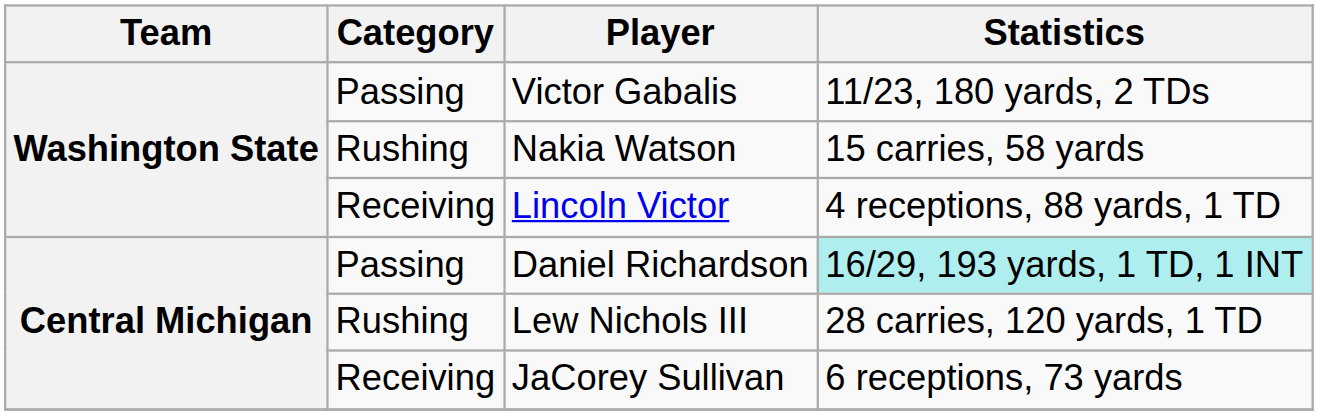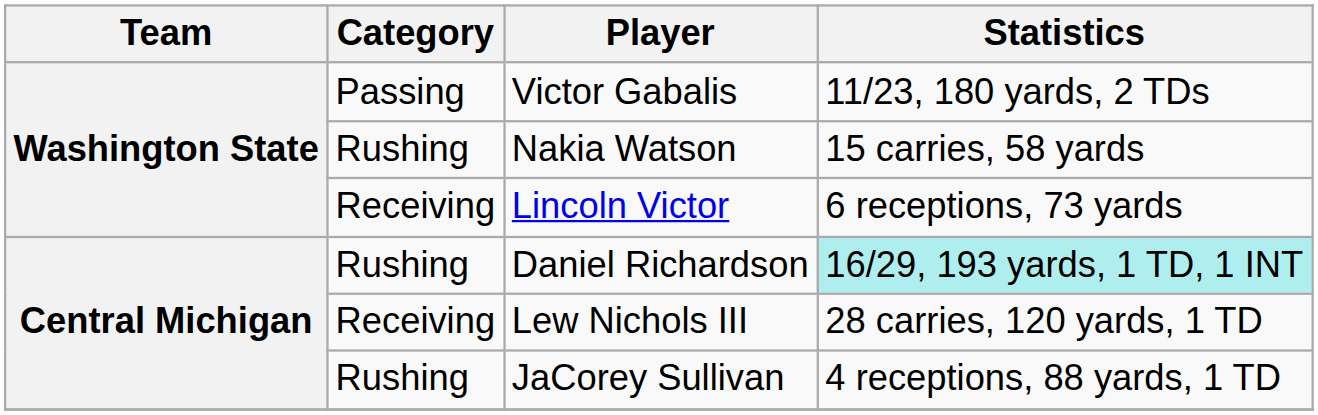 <table class="wikitable" style="float: left;">
 <tr>
 <th>Team</th>
 <th>Category</th>
 <th>Player</th>
 <th>Statistics</th>
 </tr>
 <tr>
 <th rowspan=3>Washington State</th>
 <td>Passing</td>
 <td>Victor Gabalis</td>
 <td>11/23, 180 yards, 2 TDs</td>
 </tr>
 <tr>
 <td>Rushing</td>
 <td>Nakia Watson</td>
 <td>15 carries, 58 yards</td>
 </tr>
 <tr>
 <td>Receiving</td>
 <td><a href='#'>Lincoln Victor</a></td>
-<td>4 receptions, 88 yards, 1 TD</td>
+<td>6 receptions, 73 yards</td>
 </tr>
 <tr>
 <th rowspan=3 style=>Central Michigan</th>
-<td>Passing</td>
+<td>Rushing</td>
 <td>Daniel Richardson</td>
 <td style="background: paleturquoise;">16/29, 193 yards, 1 TD, 1 INT</td>
 </tr>
 <tr>
-<td>Rushing</td>
+<td>Receiving</td>
 <td>Lew Nichols III</td>
 <td>28 carries, 120 yards, 1 TD</td>
 </tr>
 <tr>
-<td>Receiving</td>
+<td>Rushing</td>
 <td>JaCorey Sullivan</td>
-<td>6 receptions, 73 yards</td>
+<td>4 receptions, 88 yards, 1 TD</td>
 </tr>
 <tr>
 </tr>
 </table>
